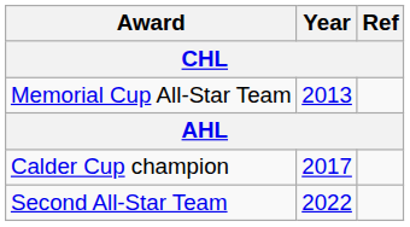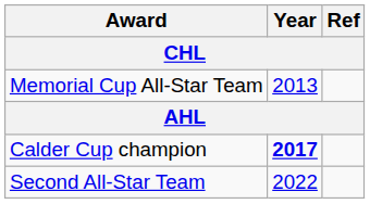 <table class="wikitable">
 <tr>
 <th>Award</th>
 <th>Year</th>
 <th>Ref</th>
 </tr>
 <tr>
 <th colspan="3"><a href='#'>CHL</a></th>
 </tr>
 <tr>
 <td><a href='#'>Memorial Cup</a> All-Star Team</td>
 <td><a href='#'>2013</a></td>
 <td></td>
 </tr>
 <tr>
 <th colspan="3"><a href='#'>AHL</a></th>
 </tr>
 <tr>
 <td><a href='#'>Calder Cup</a> champion</td>
-<td><a href='#'>2017</a></td>
+<td><strong><a href='#'>2017</a></strong></td>
 <td></td>
 </tr>
 <tr>
 <td><a href='#'>Second All-Star Team</a></td>
 <td><a href='#'>2022</a></td>
 <td></td>
 </tr>
 </table>
